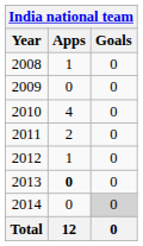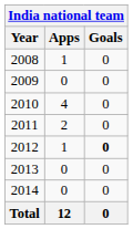 <table class="wikitable" style="text-align:center">
 <tr>
 <th colspan=3><a href='#'>India national team</a></th>
 </tr>
 <tr>
 <th>Year</th>
 <th>Apps</th>
 <th>Goals</th>
 </tr>
 <tr>
 <td>2008</td>
 <td>1</td>
 <td>0</td>
 </tr>
 <tr>
 <td>2009</td>
 <td>0</td>
 <td>0</td>
 </tr>
 <tr>
 <td>2010</td>
 <td>4</td>
 <td>0</td>
 </tr>
 <tr>
 <td>2011</td>
 <td>2</td>
 <td>0</td>
 </tr>
 <tr>
 <td>2012</td>
 <td>1</td>
-<td>0</td>
+<td><strong>0</strong></td>
 </tr>
 <tr>
 <td>2013</td>
-<td><strong>0</strong></td>
+<td>0</td>
 <td>0</td>
 </tr>
 <tr>
 <td>2014</td>
 <td>0</td>
-<td style="background: lightgrey;">0</td>
+<td>0</td>
 </tr>
 <tr>
 <th>Total</th>
 <th>12</th>
 <th>0</th>
 </tr>
 </table>
